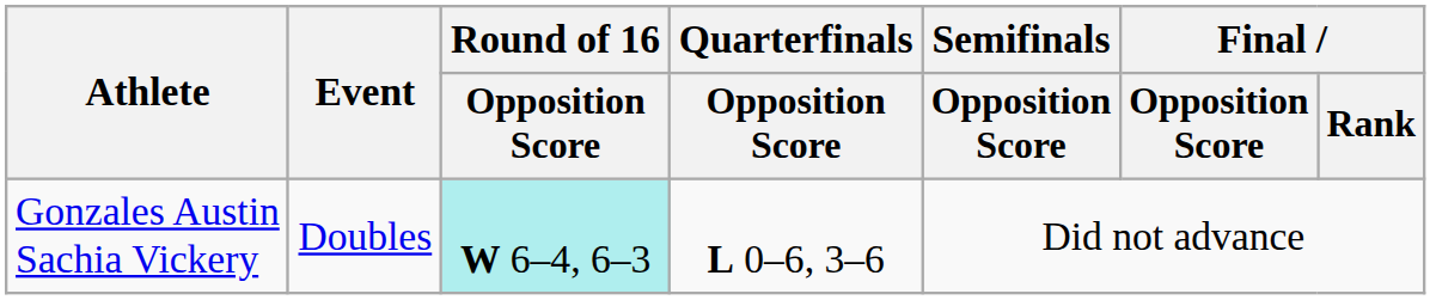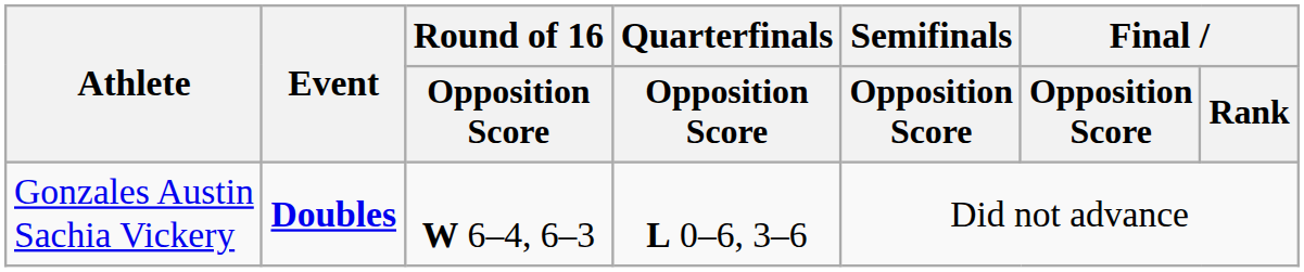 <table class=wikitable style="font-size:90%">
 <tr>
 <th rowspan=2>Athlete</th>
 <th rowspan=2>Event</th>
 <th>Round of 16</th>
 <th>Quarterfinals</th>
 <th>Semifinals</th>
 <th colspan=2>Final / </th>
 </tr>
 <tr style="font-size:95%">
 <th>Opposition<br>Score</th>
 <th>Opposition<br>Score</th>
 <th>Opposition<br>Score</th>
 <th>Opposition<br>Score</th>
 <th>Rank</th>
 </tr>
 <tr align=center>
 <td align=left><a href='#'>Gonzales Austin</a><br><a href='#'>Sachia Vickery</a></td>
-<td align=left><a href='#'>Doubles</a></td>
-<td style="background: paleturquoise;"><br><strong>W</strong> 6–4, 6–3</td>
+<td align=left><strong><a href='#'>Doubles</a></strong></td>
+<td><br><strong>W</strong> 6–4, 6–3</td>
 <td><br><strong>L</strong> 0–6, 3–6</td>
 <td colspan=3>Did not advance</td>
 </tr>
 </table>
